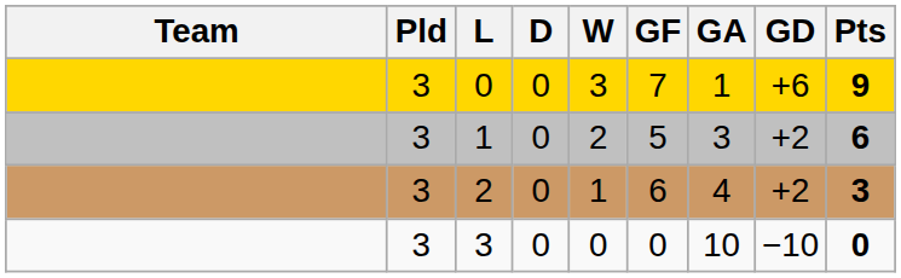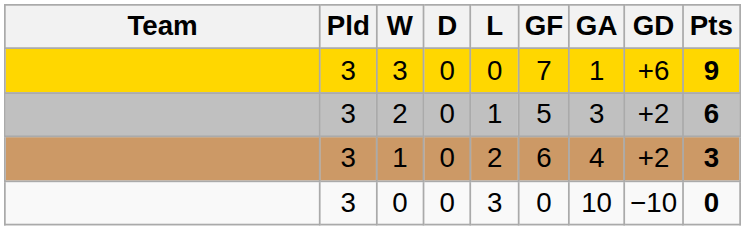 <table class="wikitable" style="text-align:center;">
 <tr>
 <th width=175>Team</th>
 <th width=20 abbr="Played">Pld</th>
+<th width=20 abbr="Won">W</th>
+<th width=20 abbr="Drawn">D</th>
 <th width=20 abbr="Lost">L</th>
-<th width=20 abbr="Drawn">D</th>
-<th width=20 abbr="Won">W</th>
 <th width=20 abbr="Goals for">GF</th>
 <th width=20 abbr="Goals against">GA</th>
 <th width=20 abbr="Goal difference">GD</th>
 <th width=20 abbr="Points">Pts</th>
 </tr>
 <tr bgcolor=gold>
 <td align=left></td>
 <td>3</td>
+<td>3</td>
 <td>0</td>
 <td>0</td>
-<td>3</td>
 <td>7</td>
 <td>1</td>
 <td>+6</td>
 <td><strong>9</strong></td>
 </tr>
 <tr bgcolor=silver>
 <td align=left></td>
 <td>3</td>
+<td>2</td>
+<td>0</td>
 <td>1</td>
-<td>0</td>
-<td>2</td>
 <td>5</td>
 <td>3</td>
 <td>+2</td>
 <td><strong>6</strong></td>
 </tr>
 <tr bgcolor=#cc9966>
 <td align=left></td>
 <td>3</td>
+<td>1</td>
+<td>0</td>
 <td>2</td>
-<td>0</td>
-<td>1</td>
 <td>6</td>
 <td>4</td>
 <td>+2</td>
 <td><strong>3</strong></td>
 </tr>
 <tr>
 <td align=left></td>
 <td>3</td>
-<td>3</td>
 <td>0</td>
 <td>0</td>
+<td>3</td>
 <td>0</td>
 <td>10</td>
 <td>−10</td>
 <td><strong>0</strong></td>
 </tr>
 </table>
